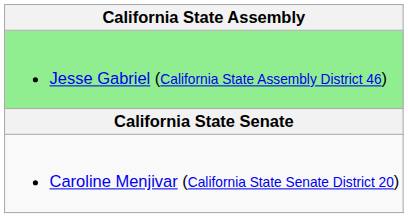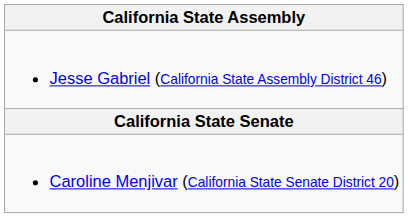 <table class="wikitable">
 <tr>
 <th>California State Assembly</th>
 </tr>
 <tr>
-<td style="background: lightgreen;"><br><ul><li><a href='#'>Jesse Gabriel</a> (<a href='#'><small>California State Assembly District 46</small></a>)</li></ul></td>
+<td><br><ul><li><a href='#'>Jesse Gabriel</a> (<a href='#'><small>California State Assembly District 46</small></a>)</li></ul></td>
 </tr>
 <tr>
 <th>California State Senate</th>
 </tr>
 <tr>
 <td><br><ul><li><a href='#'>Caroline Menjivar</a> (<a href='#'><small>California State Senate District 20</small></a>)</li></ul></td>
 </tr>
 </table>
